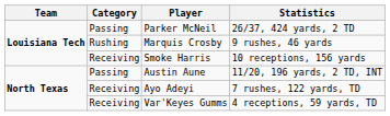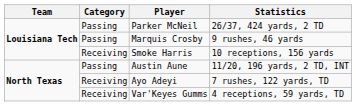 <table class="wikitable" style="float: left;">
 <tr>
 <th>Team</th>
 <th>Category</th>
 <th>Player</th>
 <th>Statistics</th>
 </tr>
 <tr>
 <td rowspan=3><strong>Louisiana Tech</strong></td>
 <td>Passing</td>
 <td>Parker McNeil</td>
 <td>26/37, 424 yards, 2 TD</td>
 </tr>
 <tr>
-<td>Rushing</td>
+<td>Passing</td>
 <td>Marquis Crosby</td>
 <td>9 rushes, 46 yards</td>
 </tr>
 <tr>
 <td>Receiving</td>
 <td>Smoke Harris</td>
 <td>10 receptions, 156 yards</td>
 </tr>
 <tr>
 <td rowspan=3><strong>North Texas</strong></td>
 <td>Passing</td>
 <td>Austin Aune</td>
 <td>11/20, 196 yards, 2 TD, INT</td>
 </tr>
 <tr>
 <td>Receiving</td>
 <td>Ayo Adeyi</td>
 <td>7 rushes, 122 yards, TD</td>
 </tr>
 <tr>
 <td>Receiving</td>
 <td>Var'Keyes Gumms</td>
 <td>4 receptions, 59 yards, TD</td>
 </tr>
 </table>
